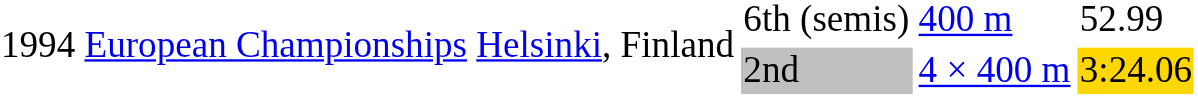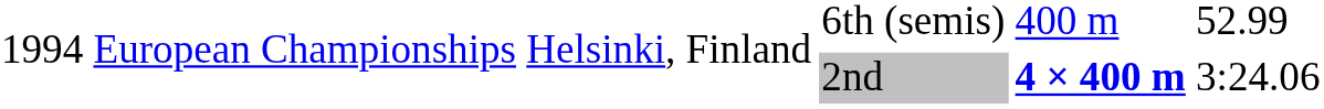 <table>
 <tr>
 <td rowspan=2>1994</td>
 <td rowspan=2><a href='#'>European Championships</a></td>
 <td rowspan=2><a href='#'>Helsinki</a>, Finland</td>
 <td>6th (semis)</td>
 <td><a href='#'>400 m</a></td>
 <td>52.99</td>
 </tr>
 <tr>
 <td style="background-color:silver;">2nd</td>
-<td><a href='#'>4 × 400 m</a></td>
-<td style="background: gold;">3:24.06</td>
+<td><strong><a href='#'>4 × 400 m</a></strong></td>
+<td>3:24.06</td>
 </tr>
 </table>
